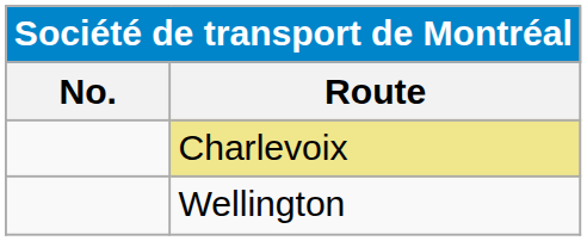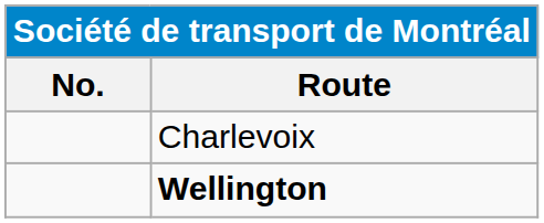 <table align=center class="wikitable">
 <tr>
 <th style="background: #0085CA; font-size:100%; color:#FFFFFF;"colspan="4">Société de transport de Montréal</th>
 </tr>
 <tr>
 <th>No.</th>
 <th>Route</th>
 </tr>
 <tr>
 <td></td>
-<td style="background: khaki;">Charlevoix</td>
+<td>Charlevoix</td>
 </tr>
 <tr>
 <td></td>
-<td>Wellington</td>
+<td><strong>Wellington</strong></td>
 </tr>
 </table>
